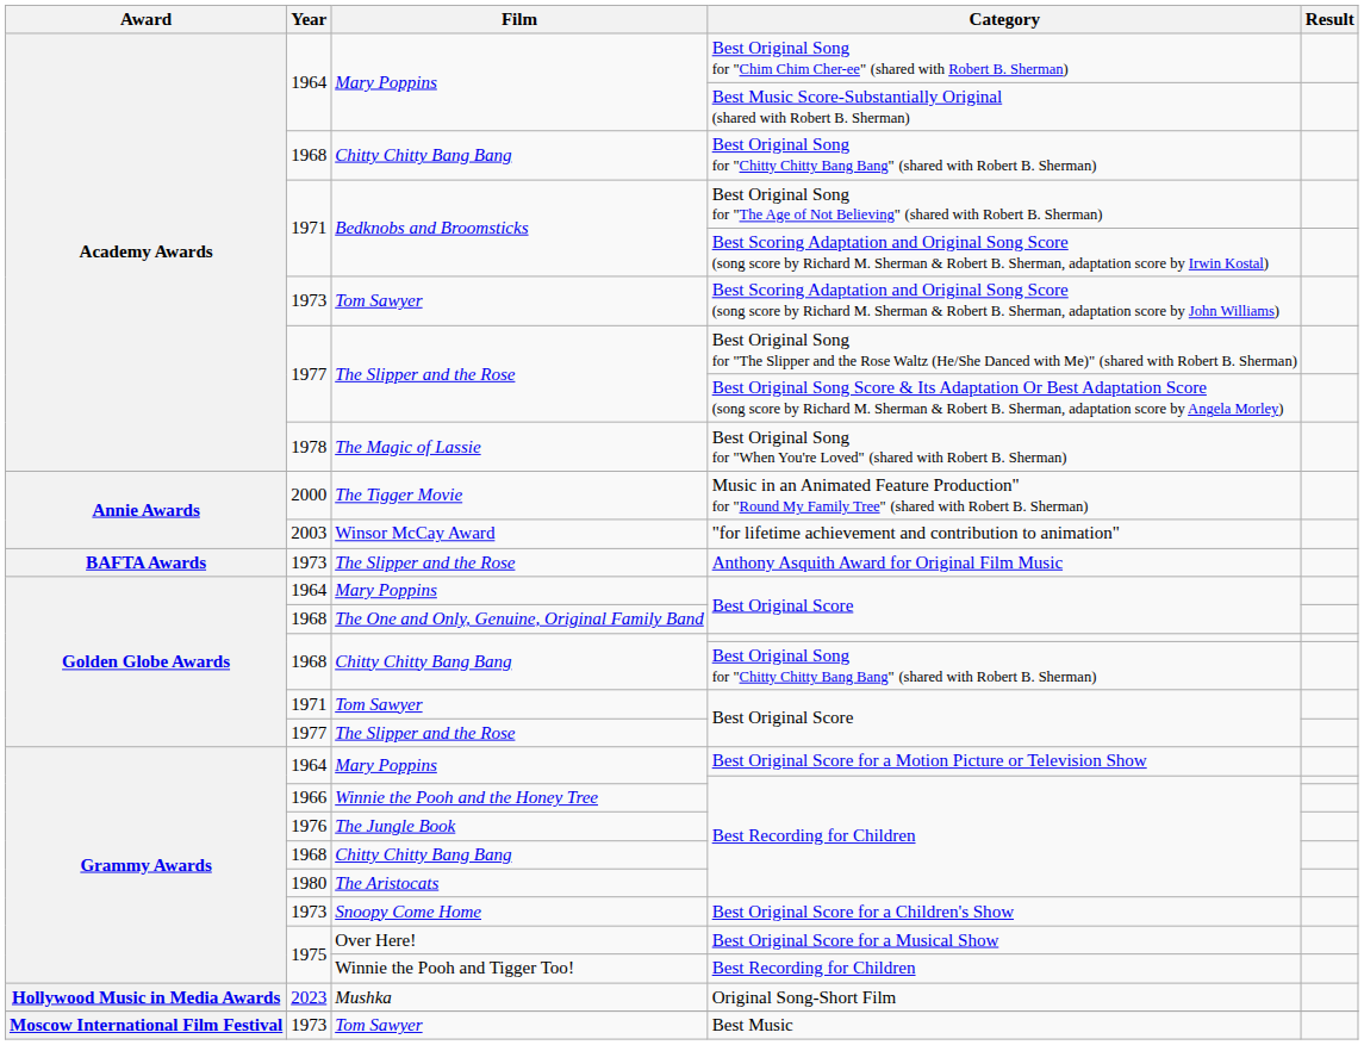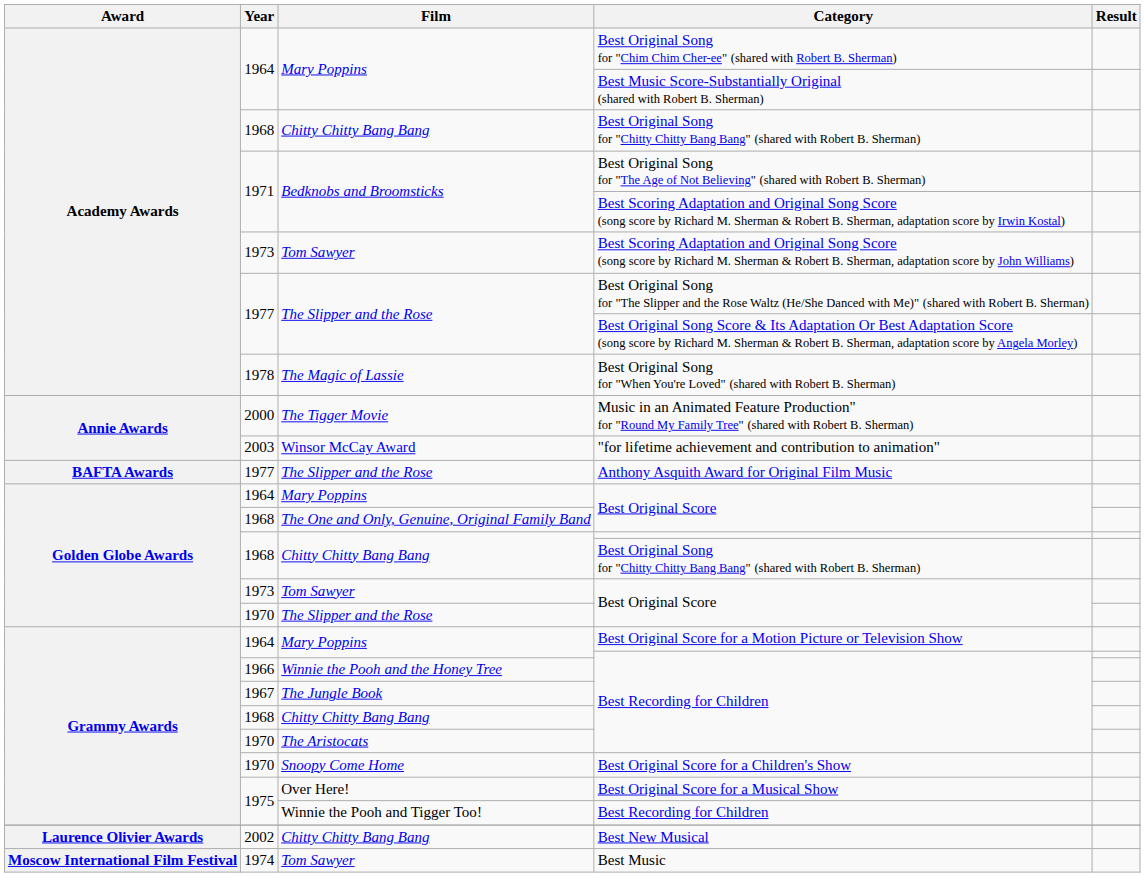 <table class="wikitable sortable plainrowheaders">
 <tr>
 <th scope="col">Award</th>
 <th scope="col">Year</th>
 <th>Film</th>
 <th scope="col">Category</th>
 <th scope="col">Result</th>
 </tr>
 <tr>
 <th rowspan="9">Academy Awards</th>
 <td rowspan="2">1964</td>
 <td rowspan="2"><em><a href='#'>Mary Poppins</a></em></td>
 <td><a href='#'>Best Original Song</a><br><small>for "<a href='#'>Chim Chim Cher-ee</a>"</small>  <small>(shared with <a href='#'>Robert B. Sherman</a>)</small></td>
 <td></td>
 </tr>
 <tr>
 <td><a href='#'>Best Music Score-Substantially Original</a><br><small>(shared with Robert B. Sherman)</small></td>
 <td></td>
 </tr>
 <tr>
 <td>1968</td>
 <td><em><a href='#'>Chitty Chitty Bang Bang</a></em></td>
 <td><a href='#'>Best Original Song</a><br><small>for "<a href='#'>Chitty Chitty Bang Bang</a>"</small> <small>(shared with Robert B. Sherman)</small></td>
 <td></td>
 </tr>
 <tr>
 <td rowspan="2">1971</td>
 <td rowspan="2"><em><a href='#'>Bedknobs and Broomsticks</a></em></td>
 <td>Best Original Song<br><small>for "<a href='#'>The Age of Not Believing</a>"</small>  <small>(shared with Robert B. Sherman)</small></td>
 <td></td>
 </tr>
 <tr>
 <td><a href='#'>Best Scoring Adaptation and Original Song Score</a><br><small>(song score by Richard M. Sherman & Robert B. Sherman, adaptation score by <a href='#'>Irwin Kostal</a>)</small></td>
 <td></td>
 </tr>
 <tr>
 <td>1973</td>
 <td><a href='#'><em>Tom Sawyer</em></a></td>
 <td><a href='#'>Best Scoring Adaptation and Original Song Score</a><br><small>(song score by Richard M. Sherman & Robert B. Sherman, adaptation score by <a href='#'>John Williams</a>)</small></td>
 <td></td>
 </tr>
 <tr>
 <td rowspan="2">1977</td>
 <td rowspan="2"><em><a href='#'>The Slipper and the Rose</a></em></td>
 <td>Best Original Song<br><small>for "The Slipper and the Rose Waltz (He/She Danced with Me)"</small> <small>(shared with Robert B. Sherman)</small></td>
 <td></td>
 </tr>
 <tr>
 <td><a href='#'>Best Original Song Score & Its Adaptation Or Best Adaptation Score</a><br><small>(song score by Richard M. Sherman & Robert B. Sherman, adaptation score by <a href='#'>Angela Morley</a>)</small></td>
 <td></td>
 </tr>
 <tr>
 <td>1978</td>
 <td><em><a href='#'>The Magic of Lassie</a></em></td>
 <td>Best Original Song<br><small>for "When You're Loved"</small> <small>(shared with Robert B. Sherman)</small></td>
 <td></td>
 </tr>
 <tr>
 <th rowspan="2"><a href='#'>Annie Awards</a></th>
 <td>2000</td>
 <td><em><a href='#'>The Tigger Movie</a></em></td>
 <td>Music in an Animated Feature Production"<br><small>for "<a href='#'>Round My Family Tree</a>"</small> <small>(shared with Robert B. Sherman)</small></td>
 <td></td>
 </tr>
 <tr>
 <td>2003</td>
 <td><a href='#'>Winsor McCay Award</a></td>
 <td>"for lifetime achievement and contribution to animation"</td>
 <td></td>
 </tr>
 <tr>
 <th><a href='#'>BAFTA Awards</a></th>
-<td>1973</td>
+<td>1977</td>
 <td><em><a href='#'>The Slipper and the Rose</a></em></td>
 <td><a href='#'>Anthony Asquith Award for Original Film Music</a></td>
 <td></td>
 </tr>
 <tr>
 <th rowspan="6"><a href='#'>Golden Globe Awards</a></th>
 <td>1964</td>
 <td><em><a href='#'>Mary Poppins</a></em></td>
 <td rowspan="2"><a href='#'>Best Original Score</a></td>
 <td></td>
 </tr>
 <tr>
 <td>1968</td>
 <td><em><a href='#'>The One and Only, Genuine, Original Family Band</a></em></td>
 <td></td>
 </tr>
 <tr>
 <td rowspan="2">1968</td>
 <td rowspan="2"><em><a href='#'>Chitty Chitty Bang Bang</a></em></td>
 <td></td>
 </tr>
 <tr>
 <td><a href='#'>Best Original Song</a><br><small>for "<a href='#'>Chitty Chitty Bang Bang</a>"</small> <small>(shared with Robert B. Sherman)</small></td>
 <td></td>
 </tr>
 <tr>
-<td>1971</td>
+<td>1973</td>
 <td><a href='#'><em>Tom Sawyer</em></a></td>
 <td rowspan="2">Best Original Score</td>
 <td></td>
 </tr>
 <tr>
-<td>1977</td>
+<td>1970</td>
 <td><em><a href='#'>The Slipper and the Rose</a></em></td>
 <td></td>
 </tr>
 <tr>
 <th rowspan="9"><a href='#'>Grammy Awards</a></th>
 <td rowspan="2">1964</td>
 <td rowspan="2"><em><a href='#'>Mary Poppins</a></em></td>
 <td><a href='#'>Best Original Score for a Motion Picture or Television Show</a></td>
 <td></td>
 </tr>
 <tr>
 <td rowspan="5"><a href='#'>Best Recording for Children</a></td>
 <td></td>
 </tr>
 <tr>
 <td>1966</td>
 <td><em><a href='#'>Winnie the Pooh and the Honey Tree</a></em></td>
 <td></td>
 </tr>
 <tr>
-<td>1976</td>
+<td>1967</td>
 <td><a href='#'><em>The Jungle Book</em></a></td>
 <td></td>
 </tr>
 <tr>
 <td>1968</td>
 <td><em><a href='#'>Chitty Chitty Bang Bang</a></em></td>
 <td></td>
 </tr>
 <tr>
-<td>1980</td>
+<td>1970</td>
 <td><em><a href='#'>The Aristocats</a></em></td>
 <td></td>
 </tr>
 <tr>
-<td>1973</td>
+<td>1970</td>
 <td><em><a href='#'>Snoopy Come Home</a></em></td>
 <td><a href='#'>Best Original Score for a Children's Show</a></td>
 <td></td>
 </tr>
 <tr>
 <td rowspan="2">1975</td>
 <td>Over Here!</td>
 <td><a href='#'>Best Original Score for a Musical Show</a></td>
 <td></td>
 </tr>
 <tr>
 <td>Winnie the Pooh and Tigger Too!</td>
 <td><a href='#'>Best Recording for Children</a></td>
 <td></td>
 </tr>
 <tr>
-<th><a href='#'>Hollywood Music in Media Awards</a></th>
-<td><a href='#'>2023</a></td>
-<td><em>Mushka</em></td>
-<td>Original Song-Short Film</td>
+</tr>
+<tr>
+<th><a href='#'>Laurence Olivier Awards</a></th>
+<td>2002</td>
+<td><em><a href='#'>Chitty Chitty Bang Bang</a></em></td>
+<td><a href='#'>Best New Musical</a></td>
 <td></td>
 </tr>
 <tr>
-</tr>
-<tr>
 <th><a href='#'>Moscow International Film Festival</a></th>
-<td>1973</td>
+<td>1974</td>
 <td><em><a href='#'>Tom Sawyer</a></em></td>
 <td>Best Music</td>
 <td></td>
 </tr>
 </table>
